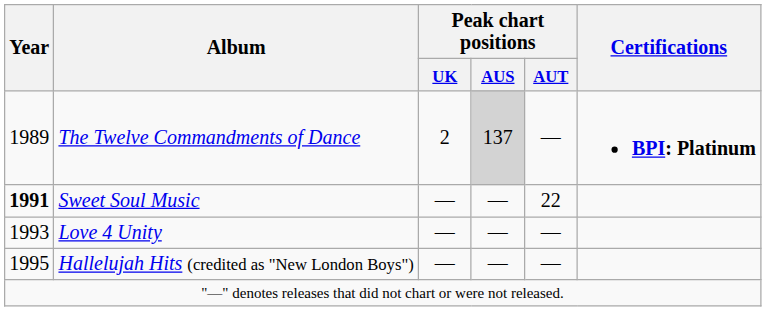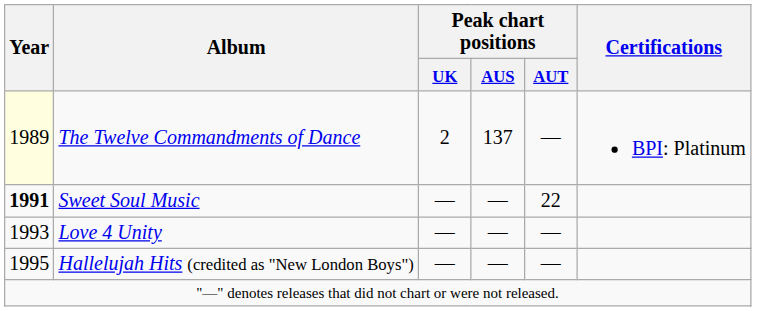 <table class="wikitable">
 <tr>
 <th scope="col" rowspan="2">Year</th>
 <th scope="col" rowspan="2">Album</th>
 <th scope="col" colspan="3">Peak chart positions</th>
 <th scope="col" rowspan="2"><a href='#'>Certifications</a></th>
 </tr>
 <tr>
 <th style="width:35px;"><small><a href='#'>UK</a></small><br></th>
 <th style="width:35px;"><small><a href='#'>AUS</a></small><br></th>
 <th style="width:35px;"><small><a href='#'>AUT</a></small><br></th>
 </tr>
 <tr>
-<td>1989</td>
+<td style="background: lightyellow;">1989</td>
 <td><em><a href='#'>The Twelve Commandments of Dance</a></em></td>
 <td align=center>2</td>
-<td align=center style="background: lightgrey;">137</td>
+<td align=center>137</td>
 <td align=center>―</td>
-<td><strong><br><ul><li><a href='#'>BPI</a>: Platinum</li></ul></strong></td>
+<td><br><ul><li><a href='#'>BPI</a>: Platinum</li></ul></td>
 </tr>
 <tr>
 <td><strong>1991</strong></td>
 <td><em><a href='#'>Sweet Soul Music</a></em></td>
 <td align=center>―</td>
 <td align=center>―</td>
 <td align=center>22</td>
 <td></td>
 </tr>
 <tr>
 <td>1993</td>
 <td><em><a href='#'>Love 4 Unity</a></em></td>
 <td align=center>―</td>
 <td align=center>―</td>
 <td align=center>―</td>
 <td></td>
 </tr>
 <tr>
 <td>1995</td>
 <td><em><a href='#'>Hallelujah Hits</a></em> <small>(credited as "New London Boys")</small></td>
 <td align=center>―</td>
 <td align=center>―</td>
 <td align=center>―</td>
 <td></td>
 </tr>
 <tr>
 <td colspan="6" style="text-align:center; font-size:9pt;">"—" denotes releases that did not chart or were not released.</td>
 </tr>
 </table>
